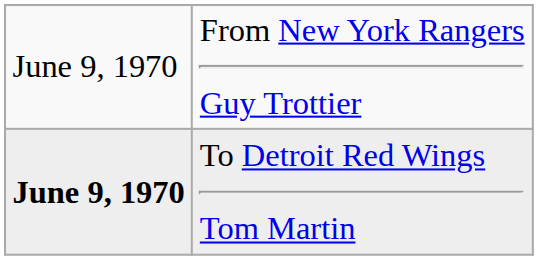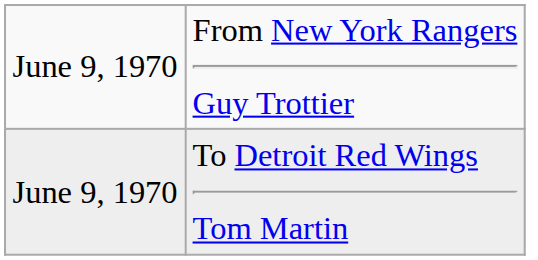 <table class="wikitable">
 <tr>
 <td>June 9, 1970</td>
 <td valign="top">From <a href='#'>New York Rangers</a><hr><a href='#'>Guy Trottier</a></td>
 </tr>
 <tr bgcolor="#eeeeee">
-<td><strong>June 9, 1970</strong></td>
+<td>June 9, 1970</td>
 <td valign="top">To <a href='#'>Detroit Red Wings</a><hr><a href='#'>Tom Martin</a></td>
 </tr>
 </table>
